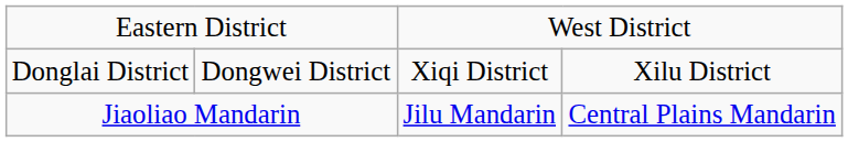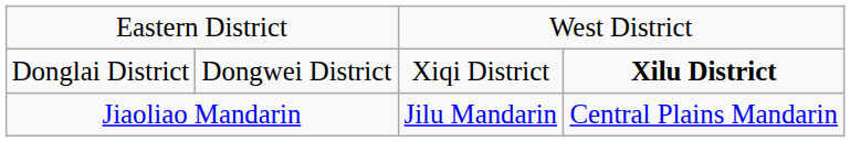 <table class="wikitable" style="text-align: center; float: right;">
 <tr>
 <td colspan="2">Eastern District</td>
 <td colspan="2">West District</td>
 </tr>
 <tr>
 <td>Donglai District</td>
 <td>Dongwei District</td>
 <td>Xiqi District</td>
-<td>Xilu District</td>
+<td><strong>Xilu District</strong></td>
 </tr>
 <tr>
 <td colspan="2"><a href='#'>Jiaoliao Mandarin</a></td>
 <td><a href='#'>Jilu Mandarin</a></td>
 <td><a href='#'>Central Plains Mandarin</a></td>
 </tr>
 </table>
